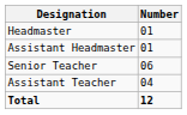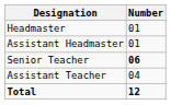 <table class="wikitable">
 <tr>
 <th>Designation</th>
 <th>Number</th>
 </tr>
 <tr>
 <td>Headmaster</td>
 <td>01</td>
 </tr>
 <tr>
 <td>Assistant Headmaster</td>
 <td>01</td>
 </tr>
 <tr>
 <td>Senior Teacher</td>
-<td>06</td>
+<td><strong>06</strong></td>
 </tr>
 <tr>
 <td>Assistant Teacher</td>
 <td>04</td>
 </tr>
 <tr>
 <td><strong>Total</strong></td>
 <td><strong>12</strong></td>
 </tr>
 </table>
